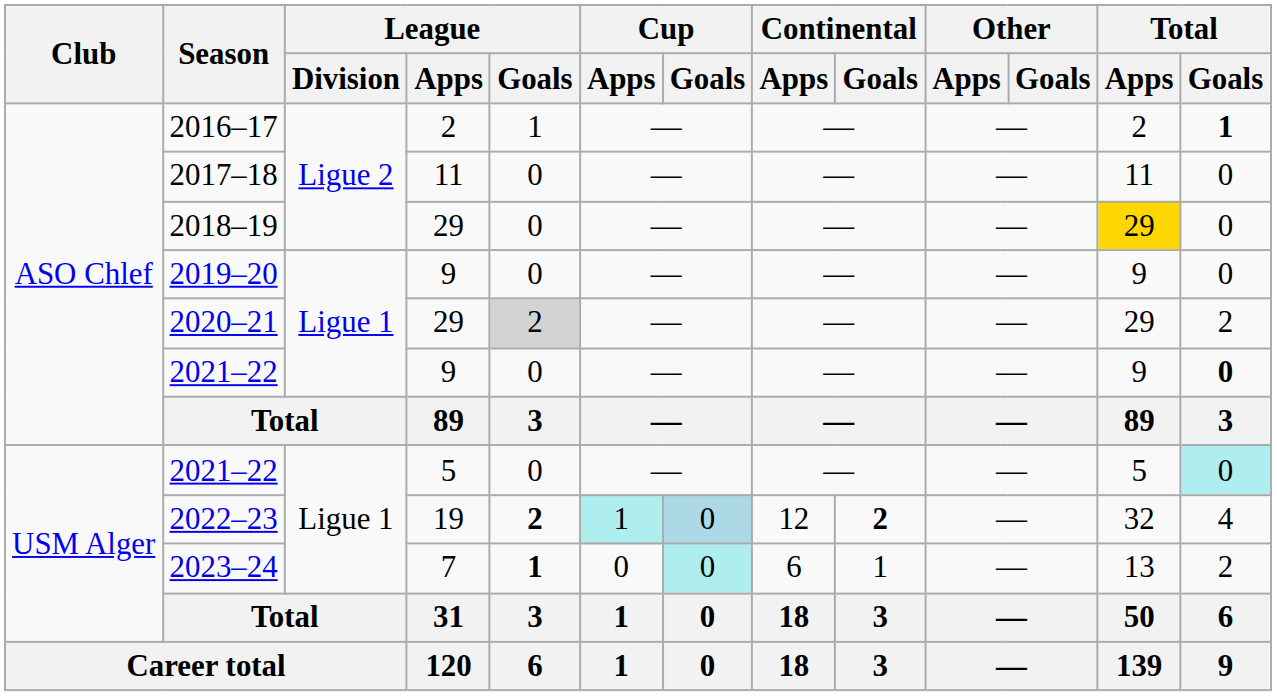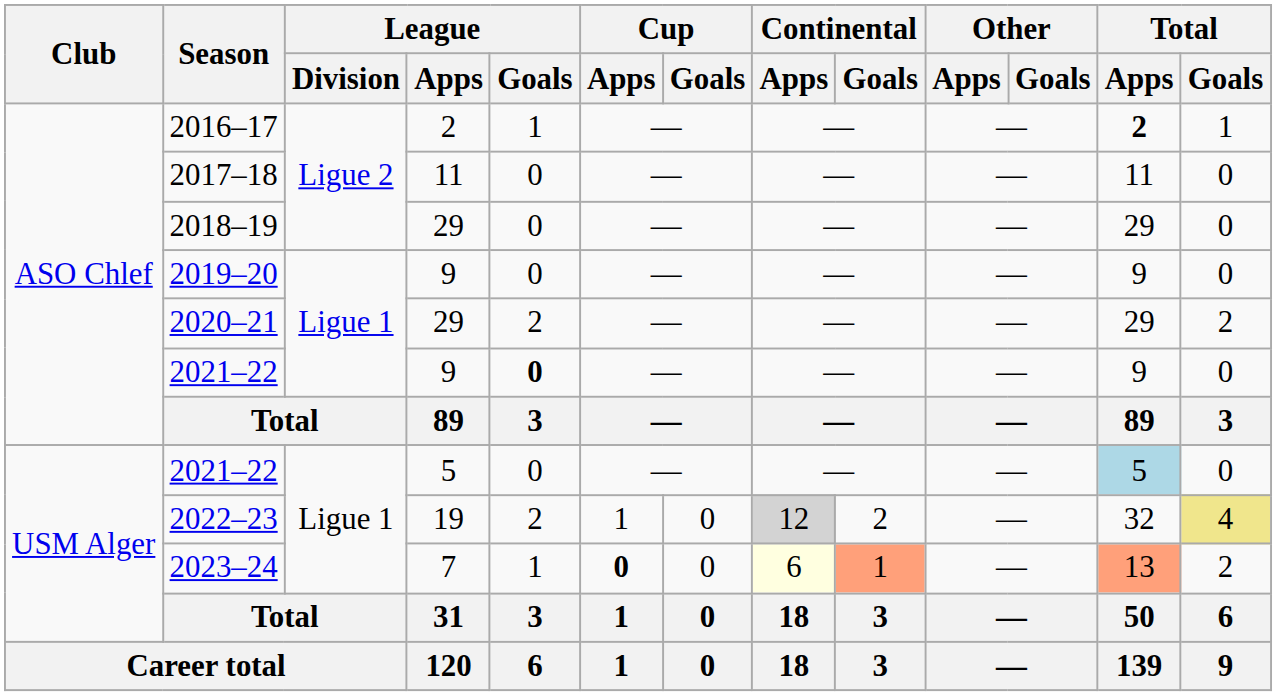 <table class="wikitable" style="text-align:center">
 <tr>
 <th rowspan="2">Club</th>
 <th rowspan="2">Season</th>
 <th colspan="3">League</th>
 <th colspan="2">Cup</th>
 <th colspan="2">Continental</th>
 <th colspan="2">Other</th>
 <th colspan="2">Total</th>
 </tr>
 <tr>
 <th>Division</th>
 <th>Apps</th>
 <th>Goals</th>
 <th>Apps</th>
 <th>Goals</th>
 <th>Apps</th>
 <th>Goals</th>
 <th>Apps</th>
 <th>Goals</th>
 <th>Apps</th>
 <th>Goals</th>
 </tr>
 <tr>
 <td rowspan="7" valign="center"><a href='#'>ASO Chlef</a></td>
 <td>2016–17</td>
 <td rowspan=3><a href='#'>Ligue 2</a></td>
 <td>2</td>
 <td>1</td>
 <td colspan=2>—</td>
 <td colspan=2>—</td>
 <td colspan=2>—</td>
-<td>2</td>
-<td><strong>1</strong></td>
+<td><strong>2</strong></td>
+<td>1</td>
 </tr>
 <tr>
 <td>2017–18</td>
 <td>11</td>
 <td>0</td>
 <td colspan=2>—</td>
 <td colspan=2>—</td>
 <td colspan=2>—</td>
 <td>11</td>
 <td>0</td>
 </tr>
 <tr>
 <td>2018–19</td>
 <td>29</td>
 <td>0</td>
 <td colspan=2>—</td>
 <td colspan=2>—</td>
 <td colspan=2>—</td>
-<td style="background: gold;">29</td>
+<td>29</td>
 <td>0</td>
 </tr>
 <tr>
 <td><a href='#'>2019–20</a></td>
 <td rowspan=3><a href='#'>Ligue 1</a></td>
 <td>9</td>
 <td>0</td>
 <td colspan=2>—</td>
 <td colspan=2>—</td>
 <td colspan=2>—</td>
 <td>9</td>
 <td>0</td>
 </tr>
 <tr>
 <td><a href='#'>2020–21</a></td>
 <td>29</td>
-<td style="background: lightgrey;">2</td>
+<td>2</td>
 <td colspan=2>—</td>
 <td colspan=2>—</td>
 <td colspan=2>—</td>
 <td>29</td>
 <td>2</td>
 </tr>
 <tr>
 <td><a href='#'>2021–22</a></td>
 <td>9</td>
-<td>0</td>
+<td><strong>0</strong></td>
 <td colspan=2>—</td>
 <td colspan=2>—</td>
 <td colspan=2>—</td>
 <td>9</td>
-<td><strong>0</strong></td>
+<td>0</td>
 </tr>
 <tr>
 <th colspan="2">Total</th>
 <th>89</th>
 <th>3</th>
 <th colspan=2>—</th>
 <th colspan=2>—</th>
 <th colspan=2>—</th>
 <th>89</th>
 <th>3</th>
 </tr>
 <tr>
 <td rowspan="4" valign="center"><a href='#'>USM Alger</a></td>
 <td><a href='#'>2021–22</a></td>
 <td rowspan=3>Ligue 1</td>
 <td>5</td>
 <td>0</td>
 <td colspan=2>—</td>
 <td colspan=2>—</td>
 <td colspan=2>—</td>
-<td>5</td>
-<td style="background: paleturquoise;">0</td>
+<td style="background: lightblue;">5</td>
+<td>0</td>
 </tr>
 <tr>
 <td><a href='#'>2022–23</a></td>
 <td>19</td>
-<td><strong>2</strong></td>
-<td style="background: paleturquoise;">1</td>
-<td style="background: lightblue;">0</td>
-<td>12</td>
-<td><strong>2</strong></td>
+<td>2</td>
+<td>1</td>
+<td>0</td>
+<td style="background: lightgrey;">12</td>
+<td>2</td>
 <td colspan=2>—</td>
 <td>32</td>
-<td>4</td>
+<td style="background: khaki;">4</td>
 </tr>
 <tr>
 <td><a href='#'>2023–24</a></td>
 <td>7</td>
-<td><strong>1</strong></td>
+<td>1</td>
+<td><strong>0</strong></td>
 <td>0</td>
-<td style="background: paleturquoise;">0</td>
-<td>6</td>
-<td>1</td>
+<td style="background: lightyellow;">6</td>
+<td style="background: lightsalmon;">1</td>
 <td colspan=2>—</td>
-<td>13</td>
+<td style="background: lightsalmon;">13</td>
 <td>2</td>
 </tr>
 <tr>
 <th colspan="2">Total</th>
 <th>31</th>
 <th>3</th>
 <th>1</th>
 <th>0</th>
 <th>18</th>
 <th>3</th>
 <th colspan=2>—</th>
 <th>50</th>
 <th>6</th>
 </tr>
 <tr>
 <th colspan="3">Career total</th>
 <th>120</th>
 <th>6</th>
 <th>1</th>
 <th>0</th>
 <th>18</th>
 <th>3</th>
 <th colspan=2>—</th>
 <th>139</th>
 <th>9</th>
 </tr>
 </table>
